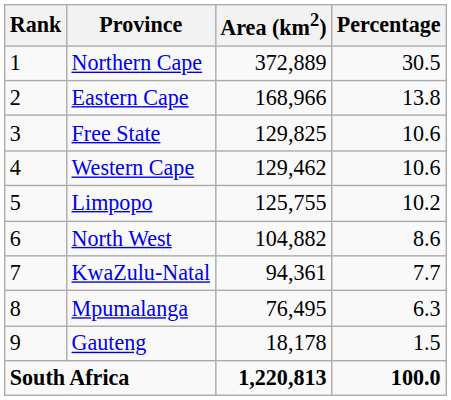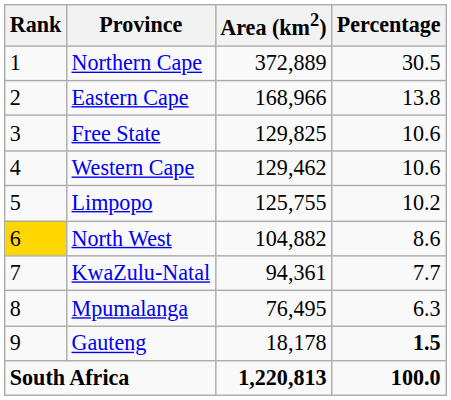 <table class="wikitable">
 <tr>
 <th>Rank</th>
 <th>Province</th>
 <th>Area (km<sup>2</sup>)</th>
 <th class="unsortable">Percentage</th>
 </tr>
 <tr>
 <td>1</td>
 <td><a href='#'>Northern Cape</a></td>
 <td style="text-align:right">372,889</td>
 <td style="text-align:right">30.5</td>
 </tr>
 <tr>
 <td>2</td>
 <td><a href='#'>Eastern Cape</a></td>
 <td style="text-align:right">168,966</td>
 <td style="text-align:right">13.8</td>
 </tr>
 <tr>
 <td>3</td>
 <td><a href='#'>Free State</a></td>
 <td style="text-align:right">129,825</td>
 <td style="text-align:right">10.6</td>
 </tr>
 <tr>
 <td>4</td>
 <td><a href='#'>Western Cape</a></td>
 <td style="text-align:right">129,462</td>
 <td style="text-align:right">10.6</td>
 </tr>
 <tr>
 <td>5</td>
 <td><a href='#'>Limpopo</a></td>
 <td style="text-align:right">125,755</td>
 <td style="text-align:right">10.2</td>
 </tr>
 <tr>
-<td>6</td>
+<td style="background: gold;">6</td>
 <td><a href='#'>North West</a></td>
 <td style="text-align:right">104,882</td>
 <td style="text-align:right">8.6</td>
 </tr>
 <tr>
 <td>7</td>
 <td><a href='#'>KwaZulu-Natal</a></td>
 <td style="text-align:right">94,361</td>
 <td style="text-align:right">7.7</td>
 </tr>
 <tr>
 <td>8</td>
 <td><a href='#'>Mpumalanga</a></td>
 <td style="text-align:right">76,495</td>
 <td style="text-align:right">6.3</td>
 </tr>
 <tr>
 <td>9</td>
 <td><a href='#'>Gauteng</a></td>
 <td style="text-align:right">18,178</td>
-<td style="text-align:right">1.5</td>
+<td style="text-align:right"><strong>1.5</strong></td>
 </tr>
 <tr class="sortbottom">
 <td colspan=2><strong>South Africa</strong></td>
 <td style="text-align:right"><strong>1,220,813</strong></td>
 <td style="text-align:right"><strong>100.0</strong></td>
 </tr>
 </table>
